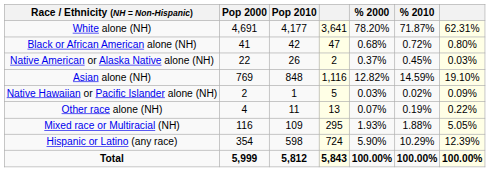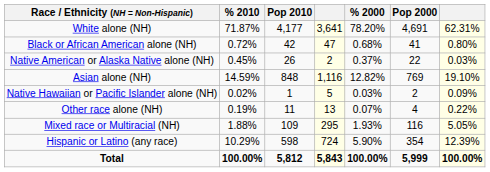 <table class="wikitable" style="text-align:center;">
 <tr>
 <th>Race / Ethnicity <small>(<em>NH = Non-Hispanic</em>)</small></th>
-<th>Pop 2000</th>
+<th>% 2010</th>
 <th>Pop 2010</th>
 <th></th>
 <th>% 2000</th>
-<th>% 2010</th>
+<th>Pop 2000</th>
 <th></th>
 </tr>
 <tr>
 <td><a href='#'>White</a> alone (NH)</td>
-<td>4,691</td>
+<td>71.87%</td>
 <td>4,177</td>
 <td style='background: #ffffe6;'>3,641</td>
 <td>78.20%</td>
-<td>71.87%</td>
+<td>4,691</td>
 <td style='background: #ffffe6;'>62.31%</td>
 </tr>
 <tr>
 <td><a href='#'>Black or African American</a> alone (NH)</td>
-<td>41</td>
+<td>0.72%</td>
 <td>42</td>
 <td style='background: #ffffe6;'>47</td>
 <td>0.68%</td>
-<td>0.72%</td>
+<td>41</td>
 <td style='background: #ffffe6;'>0.80%</td>
 </tr>
 <tr>
 <td><a href='#'>Native American</a> or <a href='#'>Alaska Native</a> alone (NH)</td>
-<td>22</td>
+<td>0.45%</td>
 <td>26</td>
 <td style='background: #ffffe6;'>2</td>
 <td>0.37%</td>
-<td>0.45%</td>
+<td>22</td>
 <td style='background: #ffffe6;'>0.03%</td>
 </tr>
 <tr>
 <td><a href='#'>Asian</a> alone (NH)</td>
-<td>769</td>
+<td>14.59%</td>
 <td>848</td>
 <td style='background: #ffffe6;'>1,116</td>
 <td>12.82%</td>
-<td>14.59%</td>
+<td>769</td>
 <td style='background: #ffffe6;'>19.10%</td>
 </tr>
 <tr>
 <td><a href='#'>Native Hawaiian</a> or <a href='#'>Pacific Islander</a> alone (NH)</td>
-<td>2</td>
+<td>0.02%</td>
 <td>1</td>
 <td style='background: #ffffe6;'>5</td>
 <td>0.03%</td>
-<td>0.02%</td>
+<td>2</td>
 <td style='background: #ffffe6;'>0.09%</td>
 </tr>
 <tr>
 <td><a href='#'>Other race</a> alone (NH)</td>
-<td>4</td>
+<td>0.19%</td>
 <td>11</td>
 <td style='background: #ffffe6;'>13</td>
 <td>0.07%</td>
-<td>0.19%</td>
+<td>4</td>
 <td style='background: #ffffe6;'>0.22%</td>
 </tr>
 <tr>
 <td><a href='#'>Mixed race or Multiracial</a> (NH)</td>
-<td>116</td>
+<td>1.88%</td>
 <td>109</td>
 <td style='background: #ffffe6;'>295</td>
 <td>1.93%</td>
-<td>1.88%</td>
+<td>116</td>
 <td style='background: #ffffe6;'>5.05%</td>
 </tr>
 <tr>
 <td><a href='#'>Hispanic or Latino</a> (any race)</td>
-<td>354</td>
+<td>10.29%</td>
 <td>598</td>
 <td style='background: #ffffe6;'>724</td>
 <td>5.90%</td>
-<td>10.29%</td>
+<td>354</td>
 <td style='background: #ffffe6;'>12.39%</td>
 </tr>
 <tr>
 <td><strong>Total</strong></td>
-<td><strong>5,999</strong></td>
+<td><strong>100.00%</strong></td>
 <td><strong>5,812</strong></td>
 <td style='background: #ffffe6;'><strong>5,843</strong></td>
 <td><strong>100.00%</strong></td>
-<td><strong>100.00%</strong></td>
+<td><strong>5,999</strong></td>
 <td style='background: #ffffe6;'><strong>100.00%</strong></td>
 </tr>
 </table>
